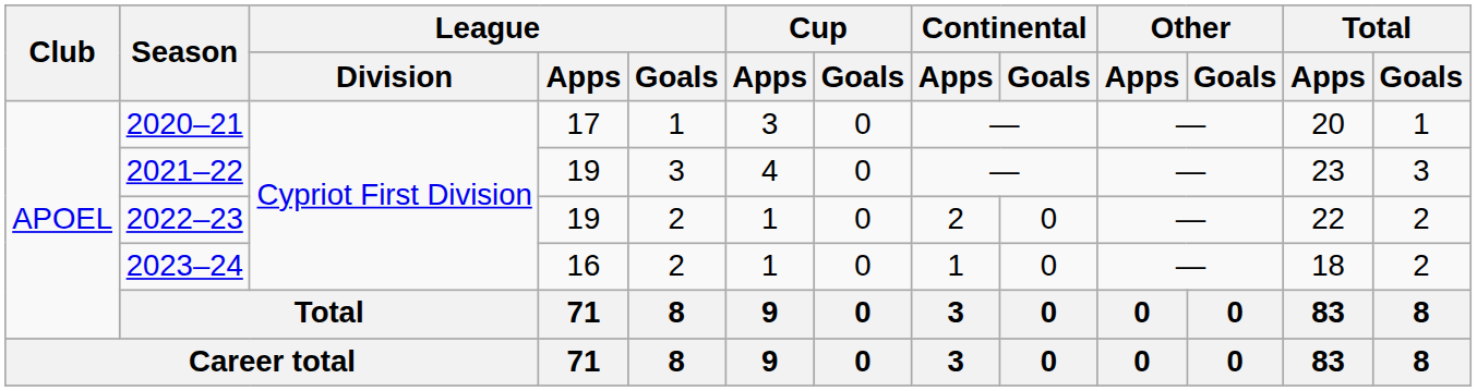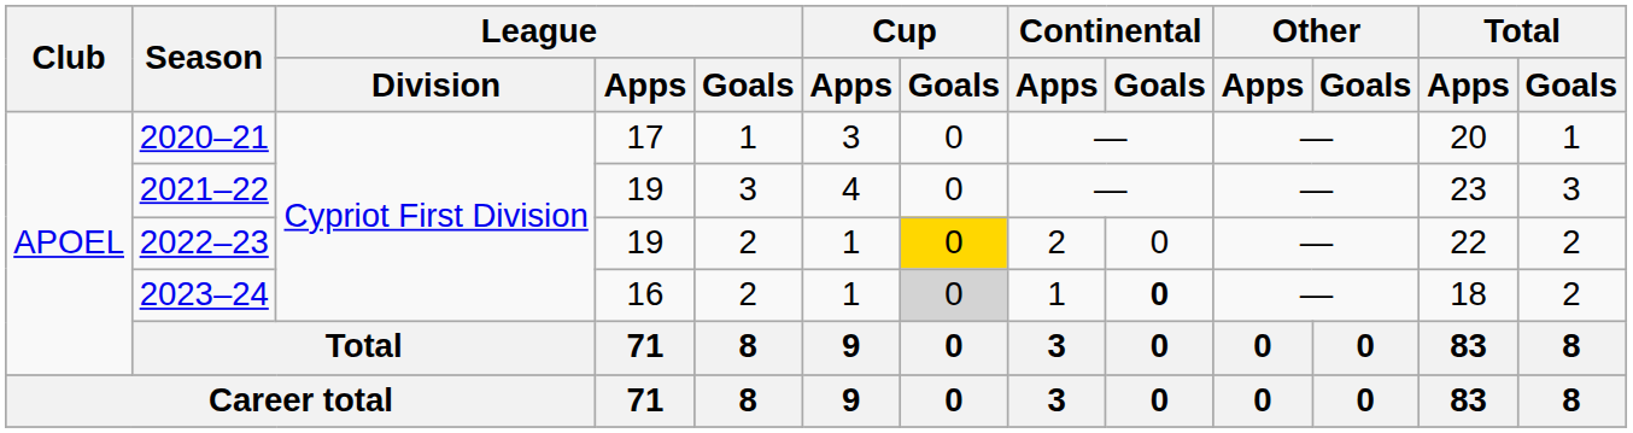 <table class="wikitable" style="text-align:center">
 <tr>
 <th rowspan=2>Club</th>
 <th rowspan=2>Season</th>
 <th colspan=3>League</th>
 <th colspan=2>Cup</th>
 <th colspan=2>Continental</th>
 <th colspan=2>Other</th>
 <th colspan=2>Total</th>
 </tr>
 <tr>
 <th>Division</th>
 <th>Apps</th>
 <th>Goals</th>
 <th>Apps</th>
 <th>Goals</th>
 <th>Apps</th>
 <th>Goals</th>
 <th>Apps</th>
 <th>Goals</th>
 <th>Apps</th>
 <th>Goals</th>
 </tr>
 <tr>
 <td rowspan="5"><a href='#'>APOEL</a></td>
 <td><a href='#'>2020–21</a></td>
 <td rowspan="4"><a href='#'>Cypriot First Division</a></td>
 <td>17</td>
 <td>1</td>
 <td>3</td>
 <td>0</td>
 <td colspan="2">—</td>
 <td colspan="2">—</td>
 <td>20</td>
 <td>1</td>
 </tr>
 <tr>
 <td><a href='#'>2021–22</a></td>
 <td>19</td>
 <td>3</td>
 <td>4</td>
 <td>0</td>
 <td colspan="2">—</td>
 <td colspan="2">—</td>
 <td>23</td>
 <td>3</td>
 </tr>
 <tr>
 <td><a href='#'>2022–23</a></td>
 <td>19</td>
 <td>2</td>
 <td>1</td>
-<td>0</td>
+<td style="background: gold;">0</td>
 <td>2</td>
 <td>0</td>
 <td colspan="2">—</td>
 <td>22</td>
 <td>2</td>
 </tr>
 <tr>
 <td><a href='#'>2023–24</a></td>
 <td>16</td>
 <td>2</td>
 <td>1</td>
-<td>0</td>
+<td style="background: lightgrey;">0</td>
 <td>1</td>
-<td>0</td>
+<td><strong>0</strong></td>
 <td colspan="2">—</td>
 <td>18</td>
 <td>2</td>
 </tr>
 <tr>
 <th colspan="2">Total</th>
 <th>71</th>
 <th>8</th>
 <th>9</th>
 <th>0</th>
 <th>3</th>
 <th>0</th>
 <th>0</th>
 <th>0</th>
 <th>83</th>
 <th>8</th>
 </tr>
 <tr>
 <th colspan="3">Career total</th>
 <th>71</th>
 <th>8</th>
 <th>9</th>
 <th>0</th>
 <th>3</th>
 <th>0</th>
 <th>0</th>
 <th>0</th>
 <th>83</th>
 <th>8</th>
 </tr>
 </table>
